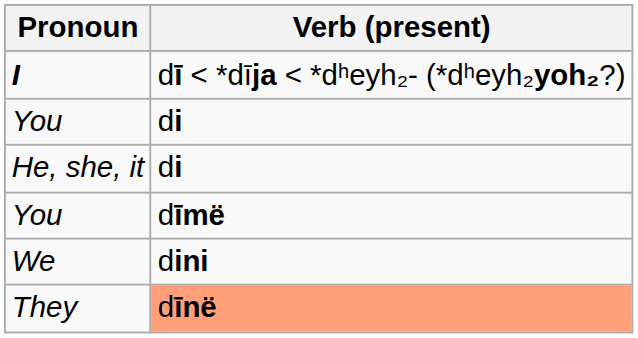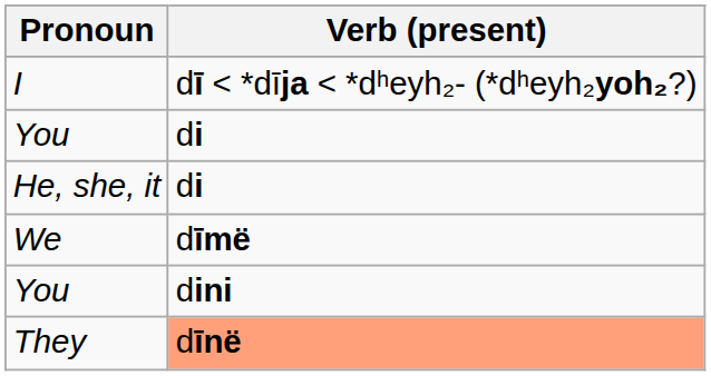 <table class="wikitable sortable">
 <tr>
 <th>Pronoun</th>
 <th>Verb (present)</th>
 </tr>
 <tr>
-<td><strong><em>I</em></strong></td>
+<td><em>I</em></td>
 <td>d<strong>ī</strong> < *dī<strong>ja</strong> < *dʰeyh₂- (*dʰeyh₂<strong>yoh₂</strong>?)</td>
 </tr>
 <tr>
 <td><em>You</em></td>
 <td>d<strong>i</strong></td>
 </tr>
 <tr>
 <td><em>He, she, it</em></td>
 <td>d<strong>i</strong></td>
 </tr>
 <tr>
-<td><em>You</em></td>
+<td><em>We</em></td>
 <td>d<strong>īmë</strong></td>
 </tr>
 <tr>
-<td><em>We</em></td>
+<td><em>You</em></td>
 <td>d<strong>ini</strong></td>
 </tr>
 <tr>
 <td><em>They</em></td>
 <td style="background: lightsalmon;">d<strong>īnë</strong></td>
 </tr>
 </table>
